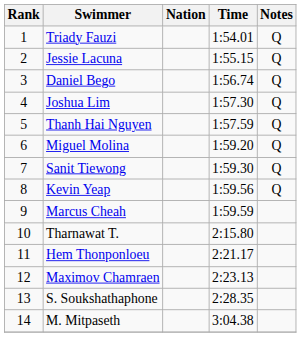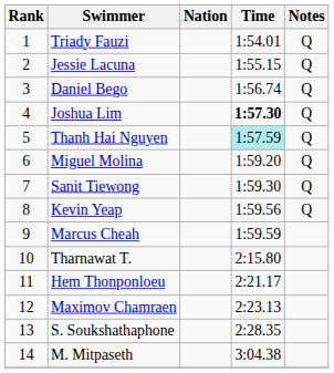 <table class="wikitable sortable" style="text-align:center">
 <tr>
 <th>Rank</th>
 <th>Swimmer</th>
 <th>Nation</th>
 <th>Time</th>
 <th>Notes</th>
 </tr>
 <tr>
 <td>1</td>
 <td align=left><a href='#'>Triady Fauzi</a></td>
 <td align=left></td>
 <td>1:54.01</td>
 <td>Q</td>
 </tr>
 <tr>
 <td>2</td>
 <td align=left><a href='#'>Jessie Lacuna</a></td>
 <td align=left></td>
 <td>1:55.15</td>
 <td>Q</td>
 </tr>
 <tr>
 <td>3</td>
 <td align=left><a href='#'>Daniel Bego</a></td>
 <td align=left></td>
 <td>1:56.74</td>
 <td>Q</td>
 </tr>
 <tr>
 <td>4</td>
 <td align=left><a href='#'>Joshua Lim</a></td>
 <td align=left></td>
-<td>1:57.30</td>
+<td><strong>1:57.30</strong></td>
 <td>Q</td>
 </tr>
 <tr>
 <td>5</td>
 <td align=left><a href='#'>Thanh Hai Nguyen</a></td>
 <td align=left></td>
-<td>1:57.59</td>
+<td style="background: paleturquoise;">1:57.59</td>
 <td>Q</td>
 </tr>
 <tr>
 <td>6</td>
 <td align=left><a href='#'>Miguel Molina</a></td>
 <td align=left></td>
 <td>1:59.20</td>
 <td>Q</td>
 </tr>
 <tr>
 <td>7</td>
 <td align=left><a href='#'>Sanit Tiewong</a></td>
 <td align=left></td>
 <td>1:59.30</td>
 <td>Q</td>
 </tr>
 <tr>
 <td>8</td>
 <td align=left><a href='#'>Kevin Yeap</a></td>
 <td align=left></td>
 <td>1:59.56</td>
 <td>Q</td>
 </tr>
 <tr>
 <td>9</td>
 <td align=left><a href='#'>Marcus Cheah</a></td>
 <td align=left></td>
 <td>1:59.59</td>
 <td></td>
 </tr>
 <tr>
 <td>10</td>
 <td align=left>Tharnawat T.</td>
 <td align=left></td>
 <td>2:15.80</td>
 <td></td>
 </tr>
 <tr>
 <td>11</td>
 <td align=left><a href='#'>Hem Thonponloeu</a></td>
 <td align=left></td>
 <td>2:21.17</td>
 <td></td>
 </tr>
 <tr>
 <td>12</td>
 <td align=left><a href='#'>Maximov Chamraen</a></td>
 <td align=left></td>
 <td>2:23.13</td>
 <td></td>
 </tr>
 <tr>
 <td>13</td>
 <td align=left>S. Soukshathaphone</td>
 <td align=left></td>
 <td>2:28.35</td>
 <td></td>
 </tr>
 <tr>
 <td>14</td>
 <td align=left>M. Mitpaseth</td>
 <td align=left></td>
 <td>3:04.38</td>
 <td></td>
 </tr>
 <tr>
 </tr>
 </table>
